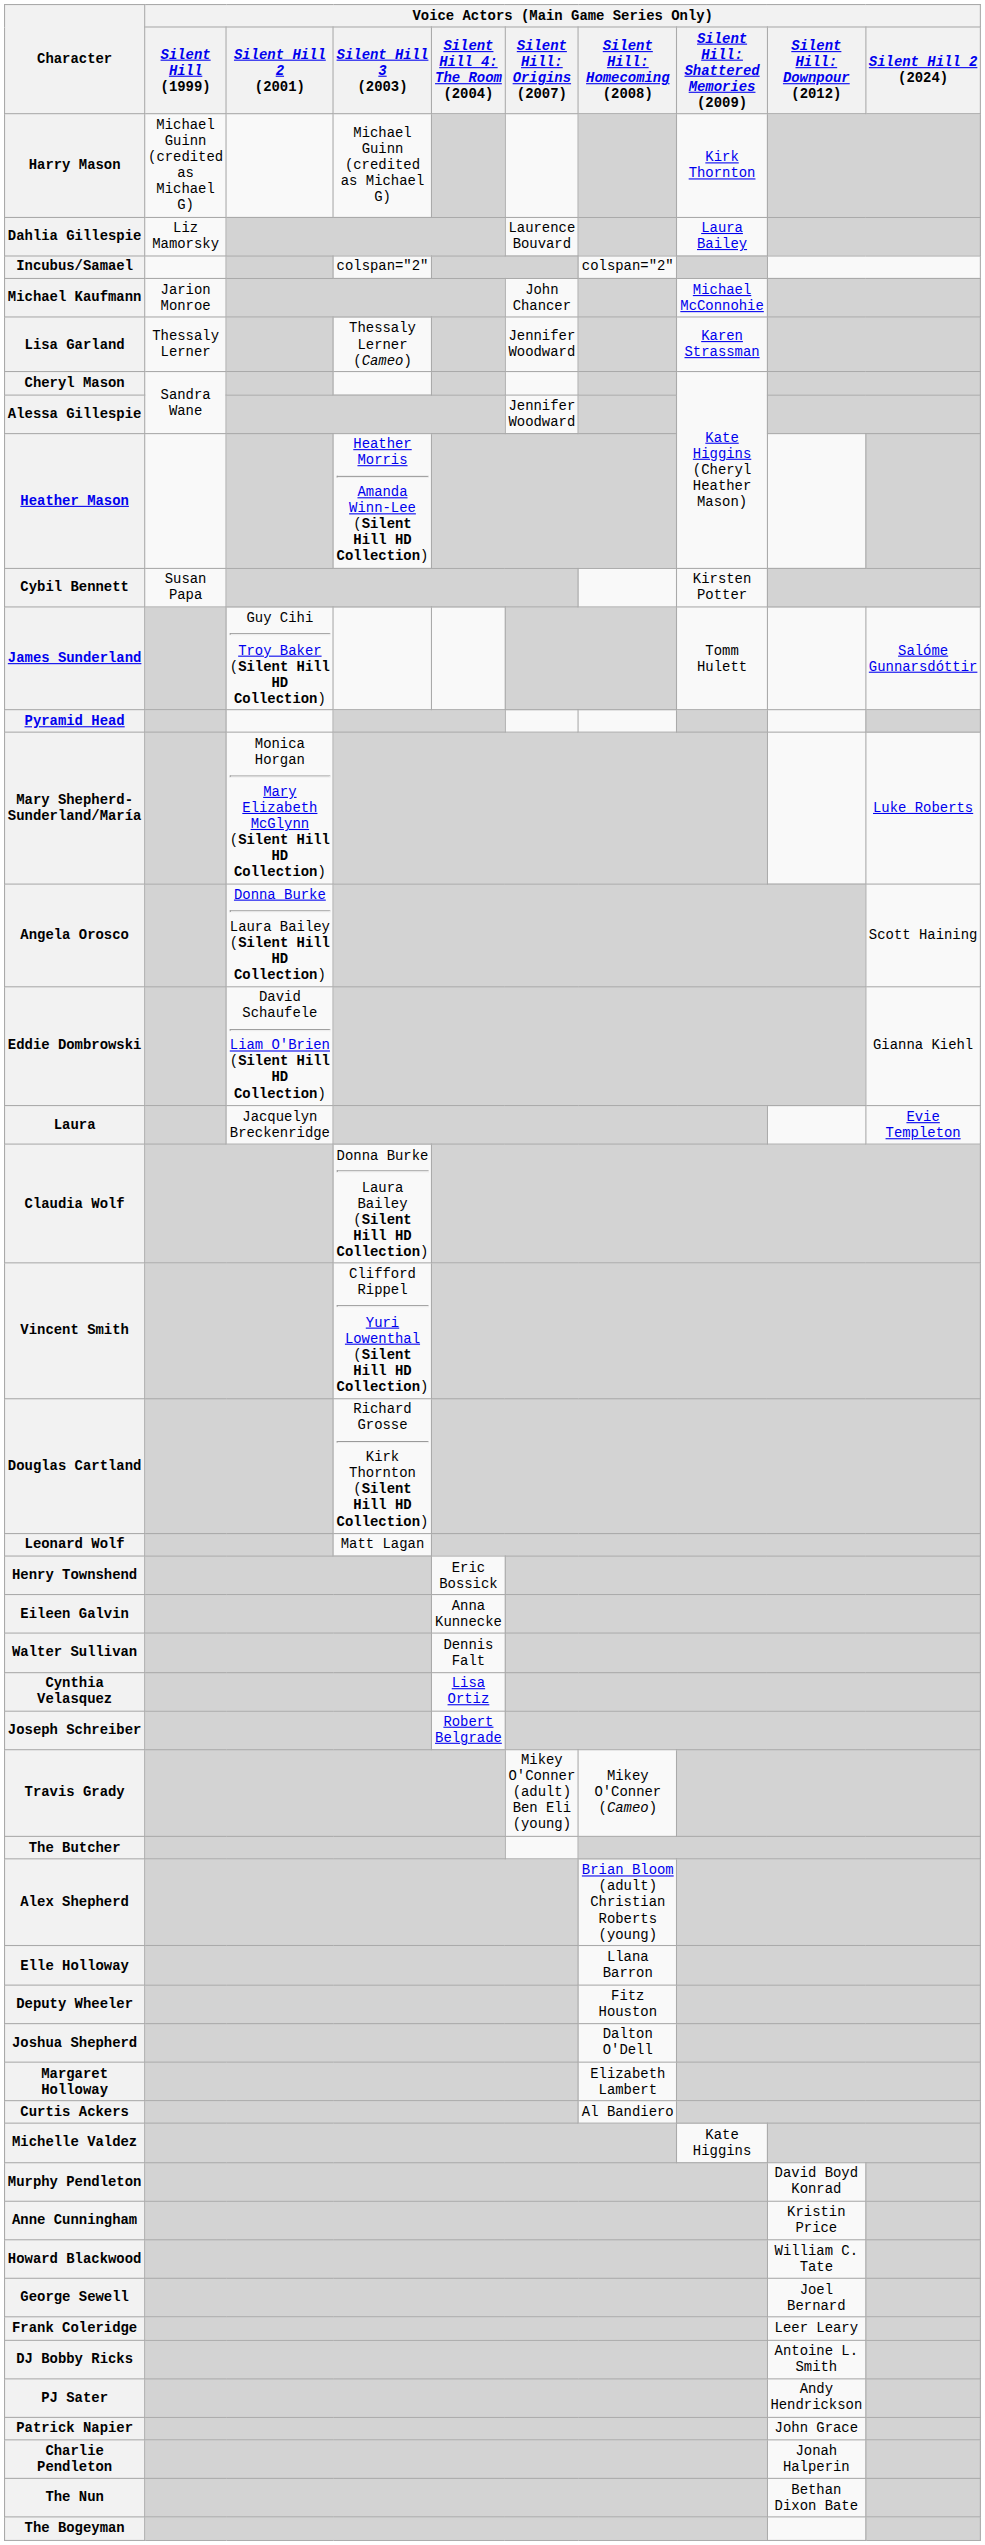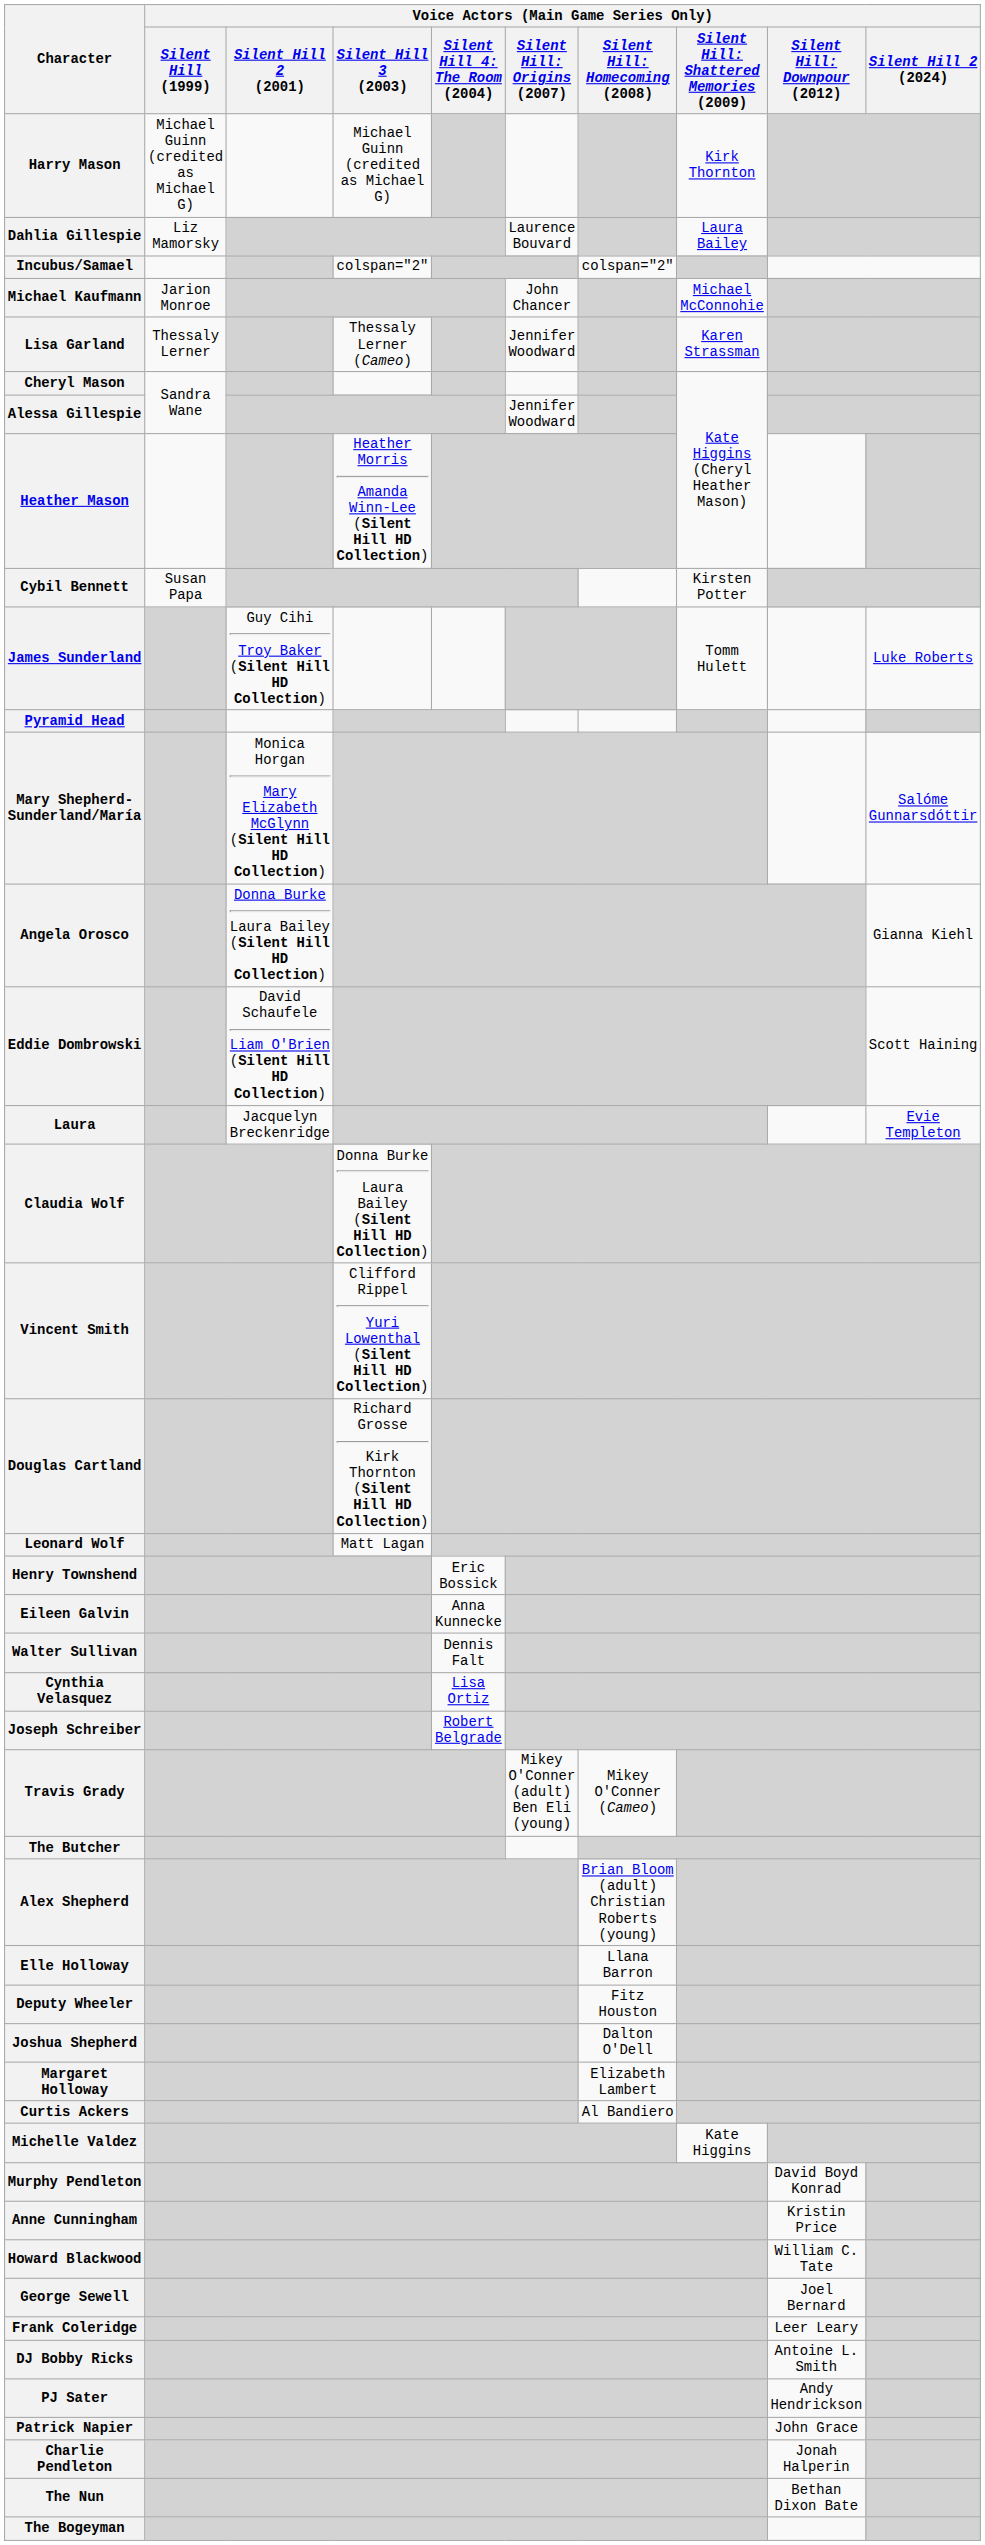 <table class="wikitable mw-collapsible collapsed" style="text-align:center; width:100%;">
 <tr>
 <th rowspan="2" width="15%">Character</th>
 <th colspan="9" align="center">Voice Actors (Main Game Series Only)</th>
 </tr>
 <tr>
 <th align="center" width="10%"><em><a href='#'>Silent Hill</a></em><br>(1999)</th>
 <th align="center" width="10%"><em><a href='#'>Silent Hill 2</a></em><br>(2001)</th>
 <th align="center" width="10%"><em><a href='#'>Silent Hill 3</a></em><br>(2003)</th>
 <th align="center" width="10%"><em><a href='#'>Silent Hill 4: The Room</a></em><br>(2004)</th>
 <th align="center" width="10%"><em><a href='#'>Silent Hill: Origins</a></em><br> (2007)</th>
 <th align="center" width="10%"><em><a href='#'>Silent Hill: Homecoming</a></em><br>(2008)</th>
 <th align="center" width="10%"><em><a href='#'>Silent Hill: Shattered Memories</a></em><br>(2009)</th>
 <th align="center" width="10%"><em><a href='#'>Silent Hill: Downpour</a></em><br>(2012)</th>
 <th align="center" width="10%"><em><a href='#'>Silent Hill 2</a></em><br>(2024)</th>
 </tr>
 <tr>
 <th>Harry Mason</th>
 <td>Michael Guinn (credited as Michael G)</td>
 <td></td>
 <td>Michael Guinn (credited as Michael G)</td>
 <td style="background:lightgrey;"></td>
 <td></td>
 <td style="background:lightgrey;"></td>
 <td><a href='#'>Kirk Thornton</a></td>
 <td colspan="2" style="background:lightgrey;"></td>
 </tr>
 <tr>
 <th>Dahlia Gillespie</th>
 <td>Liz Mamorsky</td>
 <td colspan="3" style="background:lightgrey;"></td>
 <td>Laurence Bouvard</td>
 <td style="background:lightgrey;"></td>
 <td><a href='#'>Laura Bailey</a></td>
 <td colspan="2" style="background:lightgrey;"></td>
 </tr>
 <tr>
 <th>Incubus/Samael</th>
 <td></td>
 <td style="background:lightgrey;"></td>
 <td>colspan="2" </td>
 <td colspan="2" style="background:lightgrey;"></td>
 <td>colspan="2" </td>
 <td style="background:lightgrey;"></td>
 </tr>
 <tr>
 <th>Michael Kaufmann</th>
 <td>Jarion Monroe</td>
 <td colspan="3" style="background:lightgrey;"></td>
 <td>John Chancer</td>
 <td style="background:lightgrey;"></td>
 <td><a href='#'>Michael McConnohie</a></td>
 <td colspan="2" style="background:lightgrey;"></td>
 </tr>
 <tr>
 <th>Lisa Garland</th>
 <td>Thessaly Lerner</td>
 <td style="background:lightgrey;"></td>
 <td>Thessaly Lerner (<em>Cameo</em>)</td>
 <td style="background:lightgrey;"></td>
 <td>Jennifer Woodward</td>
 <td style="background:lightgrey;"></td>
 <td><a href='#'>Karen Strassman</a></td>
 <td colspan="2" style="background:lightgrey;"></td>
 </tr>
 <tr>
 <th>Cheryl Mason</th>
 <td rowspan="2">Sandra Wane</td>
 <td style="background:lightgrey;"></td>
 <td></td>
 <td style="background:lightgrey;"></td>
 <td></td>
 <td style="background:lightgrey;"></td>
 <td rowspan="3"><a href='#'>Kate Higgins</a> (Cheryl Heather Mason)</td>
 <td colspan="2" style="background:lightgrey;"></td>
 </tr>
 <tr>
 <th>Alessa Gillespie</th>
 <td colspan="3" style="background:lightgrey;"></td>
 <td>Jennifer Woodward</td>
 <td style="background:lightgrey;"></td>
 <td colspan="2" style="background:lightgrey;"></td>
 </tr>
 <tr>
 <th><a href='#'>Heather Mason</a></th>
 <td></td>
 <td style="background:lightgrey;"></td>
 <td><a href='#'>Heather Morris</a><hr><a href='#'>Amanda Winn-Lee</a> (<strong>Silent Hill HD Collection</strong>)</td>
 <td colspan="3" style="background:lightgrey;"></td>
 <td></td>
 <td style="background:lightgrey;"></td>
 </tr>
 <tr>
 <th>Cybil Bennett</th>
 <td>Susan Papa</td>
 <td colspan="4" style="background:lightgrey;"></td>
 <td></td>
 <td>Kirsten Potter</td>
 <td colspan="2" style="background:lightgrey;"></td>
 </tr>
 <tr>
 <th><a href='#'>James Sunderland</a></th>
 <td style="background:lightgrey;"></td>
 <td>Guy Cihi<hr><a href='#'>Troy Baker</a> (<strong>Silent Hill HD Collection</strong>)</td>
 <td></td>
 <td></td>
 <td colspan="2" style="background:lightgrey;"></td>
 <td>Tomm Hulett</td>
 <td></td>
-<td><a href='#'>Salóme Gunnarsdóttir</a></td>
+<td><a href='#'>Luke Roberts</a></td>
 </tr>
 <tr>
 <th><a href='#'>Pyramid Head</a></th>
 <td style="background:lightgrey;"></td>
 <td></td>
 <td colspan="2" style="background:lightgrey;"></td>
 <td></td>
 <td></td>
 <td style="background:lightgrey;"></td>
 <td></td>
 <td style="background:lightgrey;"></td>
 </tr>
 <tr>
 <th>Mary Shepherd-Sunderland/María</th>
 <td style="background:lightgrey;"></td>
 <td>Monica Horgan<hr><a href='#'>Mary Elizabeth McGlynn</a> (<strong>Silent Hill HD Collection</strong>)</td>
 <td colspan="5" style="background:lightgrey;"></td>
 <td></td>
-<td><a href='#'>Luke Roberts</a></td>
+<td><a href='#'>Salóme Gunnarsdóttir</a></td>
 </tr>
 <tr>
 <th>Angela Orosco</th>
 <td style="background:lightgrey;"></td>
 <td><a href='#'>Donna Burke</a><hr>Laura Bailey (<strong>Silent Hill HD Collection</strong>)</td>
 <td colspan="6" style="background:lightgrey;"></td>
-<td>Scott Haining</td>
+<td>Gianna Kiehl</td>
 </tr>
 <tr>
 <th>Eddie Dombrowski</th>
 <td style="background:lightgrey;"></td>
 <td>David Schaufele<hr><a href='#'>Liam O'Brien</a> (<strong>Silent Hill HD Collection</strong>)</td>
 <td colspan="6" style="background:lightgrey;"></td>
-<td>Gianna Kiehl</td>
+<td>Scott Haining</td>
 </tr>
 <tr>
 <th>Laura</th>
 <td style="background:lightgrey;"></td>
 <td>Jacquelyn Breckenridge</td>
 <td colspan="5" style="background:lightgrey;"></td>
 <td></td>
 <td><a href='#'>Evie Templeton</a></td>
 </tr>
 <tr>
 <th>Claudia Wolf</th>
 <td colspan="2" style="background:lightgrey;"></td>
 <td>Donna Burke<hr>Laura Bailey (<strong>Silent Hill HD Collection</strong>)</td>
 <td colspan="6" style="background:lightgrey;"></td>
 </tr>
 <tr>
 <th>Vincent Smith</th>
 <td colspan="2" style="background:lightgrey;"></td>
 <td>Clifford Rippel<hr><a href='#'>Yuri Lowenthal</a> (<strong>Silent Hill HD Collection</strong>)</td>
 <td colspan="6" style="background:lightgrey;"></td>
 </tr>
 <tr>
 <th>Douglas Cartland</th>
 <td colspan="2" style="background:lightgrey;"></td>
 <td>Richard Grosse<hr>Kirk Thornton (<strong>Silent Hill HD Collection</strong>)</td>
 <td colspan="6" style="background:lightgrey;"></td>
 </tr>
 <tr>
 <th>Leonard Wolf</th>
 <td colspan="2" style="background:lightgrey;"></td>
 <td>Matt Lagan</td>
 <td colspan="6" style="background:lightgrey;"></td>
 </tr>
 <tr>
 <th>Henry Townshend</th>
 <td colspan="3" style="background:lightgrey;"></td>
 <td>Eric Bossick</td>
 <td colspan="5" style="background:lightgrey;"></td>
 </tr>
 <tr>
 <th>Eileen Galvin</th>
 <td colspan="3" style="background:lightgrey;"></td>
 <td>Anna Kunnecke</td>
 <td colspan="5" style="background:lightgrey;"></td>
 </tr>
 <tr>
 <th>Walter Sullivan</th>
 <td colspan="3" style="background:lightgrey;"></td>
 <td>Dennis Falt</td>
 <td colspan="5" style="background:lightgrey;"></td>
 </tr>
 <tr>
 <th>Cynthia Velasquez</th>
 <td colspan="3" style="background:lightgrey;"></td>
 <td><a href='#'>Lisa Ortiz</a></td>
 <td colspan="5" style="background:lightgrey;"></td>
 </tr>
 <tr>
 <th>Joseph Schreiber</th>
 <td colspan="3" style="background:lightgrey;"></td>
 <td><a href='#'>Robert Belgrade</a></td>
 <td colspan="5" style="background:lightgrey;"></td>
 </tr>
 <tr>
 <th>Travis Grady</th>
 <td colspan="4" style="background:lightgrey;"></td>
 <td>Mikey O'Conner (adult)<br>Ben Eli (young)</td>
 <td>Mikey O'Conner (<em>Cameo</em>)</td>
 <td colspan="3" style="background:lightgrey;"></td>
 </tr>
 <tr>
 <th>The Butcher</th>
 <td colspan="4" style="background:lightgrey;"></td>
 <td></td>
 <td colspan="4" style="background:lightgrey;"></td>
 </tr>
 <tr>
 <th>Alex Shepherd</th>
 <td colspan="5" style="background:lightgrey;"></td>
 <td><a href='#'>Brian Bloom</a> (adult)<br>Christian Roberts (young)</td>
 <td colspan="3" style="background:lightgrey;"></td>
 </tr>
 <tr>
 <th>Elle Holloway</th>
 <td colspan="5" style="background:lightgrey;"></td>
 <td>Llana Barron</td>
 <td colspan="3" style="background:lightgrey;"></td>
 </tr>
 <tr>
 <th>Deputy Wheeler</th>
 <td colspan="5" style="background:lightgrey;"></td>
 <td>Fitz Houston</td>
 <td colspan="3" style="background:lightgrey;"></td>
 </tr>
 <tr>
 <th>Joshua Shepherd</th>
 <td colspan="5" style="background:lightgrey;"></td>
 <td>Dalton O'Dell</td>
 <td colspan="3" style="background:lightgrey;"></td>
 </tr>
 <tr>
 <th>Margaret Holloway</th>
 <td colspan="5" style="background:lightgrey;"></td>
 <td>Elizabeth Lambert</td>
 <td colspan="3" style="background:lightgrey;"></td>
 </tr>
 <tr>
 <th>Curtis Ackers</th>
 <td colspan="5" style="background:lightgrey;"></td>
 <td>Al Bandiero</td>
 <td colspan="3" style="background:lightgrey;"></td>
 </tr>
 <tr>
 <th>Michelle Valdez</th>
 <td colspan="6" style="background:lightgrey;"></td>
 <td>Kate Higgins</td>
 <td colspan="2" style="background:lightgrey;"></td>
 </tr>
 <tr>
 <th>Murphy Pendleton</th>
 <td colspan="7" style="background:lightgrey;"></td>
 <td>David Boyd Konrad</td>
 <td style="background:lightgrey;"></td>
 </tr>
 <tr>
 <th>Anne Cunningham</th>
 <td colspan="7" style="background:lightgrey;"></td>
 <td>Kristin Price</td>
 <td style="background:lightgrey;"></td>
 </tr>
 <tr>
 <th>Howard Blackwood</th>
 <td colspan="7" style="background:lightgrey;"></td>
 <td>William C. Tate</td>
 <td style="background:lightgrey;"></td>
 </tr>
 <tr>
 <th>George Sewell</th>
 <td colspan="7" style="background:lightgrey;"></td>
 <td>Joel Bernard</td>
 <td style="background:lightgrey;"></td>
 </tr>
 <tr>
 <th>Frank Coleridge</th>
 <td colspan="7" style="background:lightgrey;"></td>
 <td>Leer Leary</td>
 <td style="background:lightgrey;"></td>
 </tr>
 <tr>
 <th>DJ Bobby Ricks</th>
 <td colspan="7" style="background:lightgrey;"></td>
 <td>Antoine L. Smith</td>
 <td style="background:lightgrey;"></td>
 </tr>
 <tr>
 <th>PJ Sater</th>
 <td colspan="7" style="background:lightgrey;"></td>
 <td>Andy Hendrickson</td>
 <td style="background:lightgrey;"></td>
 </tr>
 <tr>
 <th>Patrick Napier</th>
 <td colspan="7" style="background:lightgrey;"></td>
 <td>John Grace</td>
 <td style="background:lightgrey;"></td>
 </tr>
 <tr>
 <th>Charlie Pendleton</th>
 <td colspan="7" style="background:lightgrey;"></td>
 <td>Jonah Halperin</td>
 <td style="background:lightgrey;"></td>
 </tr>
 <tr>
 <th>The Nun</th>
 <td colspan="7" style="background:lightgrey;"></td>
 <td>Bethan Dixon Bate</td>
 <td style="background:lightgrey;"></td>
 </tr>
 <tr>
 <th>The Bogeyman</th>
 <td colspan="7" style="background:lightgrey;"></td>
 <td></td>
 <td style="background:lightgrey;"></td>
 </tr>
 </table>
